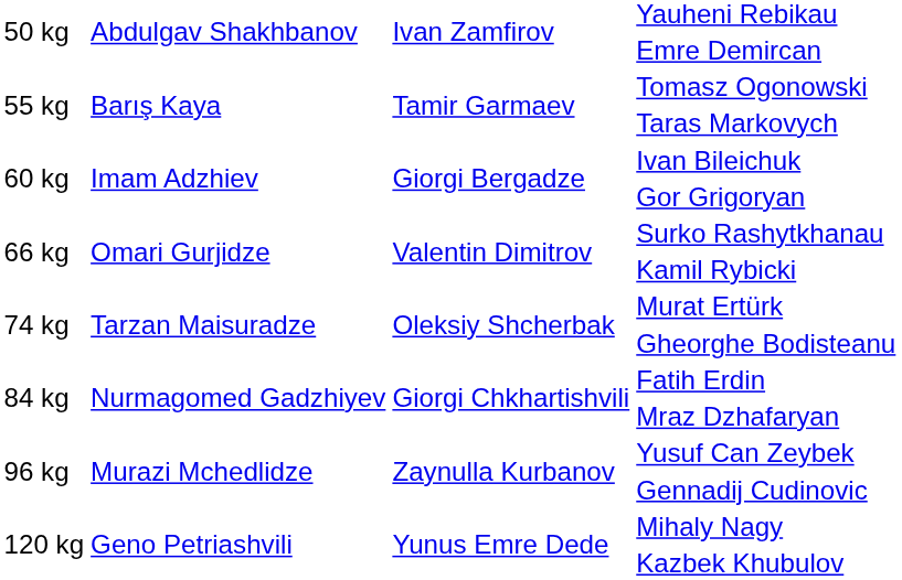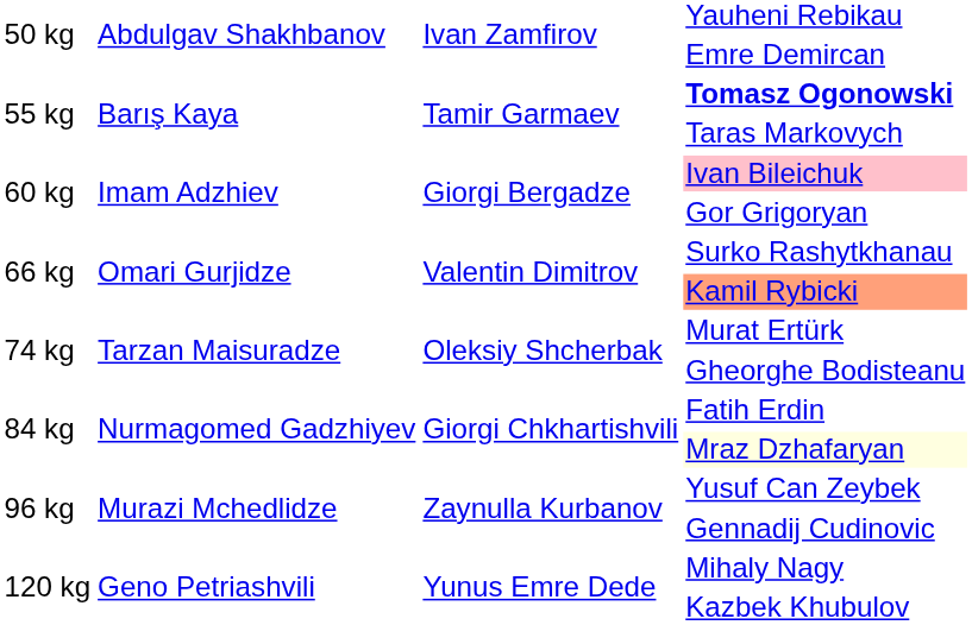 <table>
 <tr>
 <td rowspan=2>50 kg</td>
 <td rowspan=2> <a href='#'>Abdulgav Shakhbanov</a></td>
 <td rowspan=2> <a href='#'>Ivan Zamfirov</a></td>
 <td> <a href='#'>Yauheni Rebikau</a></td>
 </tr>
 <tr>
 <td><a href='#'>Emre Demircan</a></td>
 </tr>
 <tr>
 <td rowspan=2>55 kg</td>
 <td rowspan=2> <a href='#'>Barış Kaya</a></td>
 <td rowspan=2> <a href='#'>Tamir Garmaev</a></td>
-<td> <a href='#'>Tomasz Ogonowski</a></td>
+<td><strong> <a href='#'>Tomasz Ogonowski</a></strong></td>
 </tr>
 <tr>
 <td> <a href='#'>Taras Markovych</a></td>
 </tr>
 <tr>
 <td rowspan=2>60 kg</td>
 <td rowspan=2> <a href='#'>Imam Adzhiev</a></td>
 <td rowspan=2> <a href='#'>Giorgi Bergadze</a></td>
-<td> <a href='#'>Ivan Bileichuk</a></td>
+<td style="background: pink;"> <a href='#'>Ivan Bileichuk</a></td>
 </tr>
 <tr>
 <td> <a href='#'>Gor Grigoryan</a></td>
 </tr>
 <tr>
 <td rowspan=2>66 kg</td>
 <td rowspan=2> <a href='#'>Omari Gurjidze</a></td>
 <td rowspan=2> <a href='#'>Valentin Dimitrov</a></td>
 <td> <a href='#'>Surko Rashytkhanau</a></td>
 </tr>
 <tr>
-<td> <a href='#'>Kamil Rybicki</a></td>
+<td style="background: lightsalmon;"> <a href='#'>Kamil Rybicki</a></td>
 </tr>
 <tr>
 <td rowspan=2>74 kg</td>
 <td rowspan=2> <a href='#'>Tarzan Maisuradze</a></td>
 <td rowspan=2> <a href='#'>Oleksiy Shcherbak</a></td>
 <td> <a href='#'>Murat Ertürk</a></td>
 </tr>
 <tr>
 <td> <a href='#'>Gheorghe Bodisteanu</a></td>
 </tr>
 <tr>
 <td rowspan=2>84 kg</td>
 <td rowspan=2> <a href='#'>Nurmagomed Gadzhiyev</a></td>
 <td rowspan=2> <a href='#'>Giorgi Chkhartishvili</a></td>
 <td> <a href='#'>Fatih Erdin</a></td>
 </tr>
 <tr>
-<td> <a href='#'>Mraz Dzhafaryan</a></td>
+<td style="background: lightyellow;"> <a href='#'>Mraz Dzhafaryan</a></td>
 </tr>
 <tr>
 <td rowspan=2>96 kg</td>
 <td rowspan=2> <a href='#'>Murazi Mchedlidze</a></td>
 <td rowspan=2> <a href='#'>Zaynulla Kurbanov</a></td>
 <td> <a href='#'>Yusuf Can Zeybek</a></td>
 </tr>
 <tr>
 <td> <a href='#'>Gennadij Cudinovic</a></td>
 </tr>
 <tr>
 <td rowspan=2>120 kg</td>
 <td rowspan=2> <a href='#'>Geno Petriashvili</a></td>
 <td rowspan=2> <a href='#'>Yunus Emre Dede</a></td>
 <td> <a href='#'>Mihaly Nagy</a></td>
 </tr>
 <tr>
 <td> <a href='#'>Kazbek Khubulov</a></td>
 </tr>
 </table>
